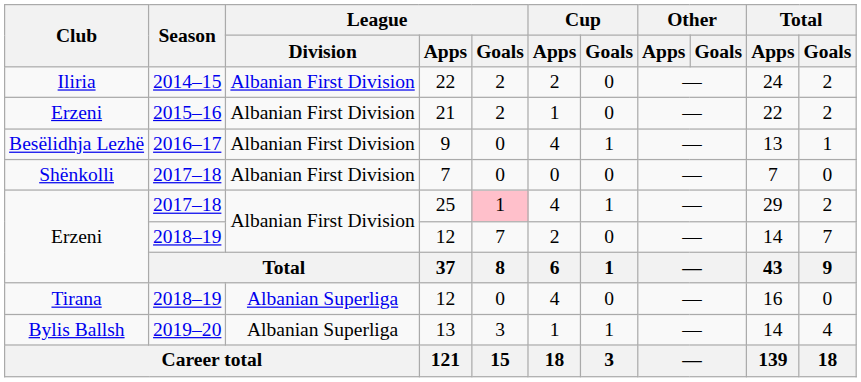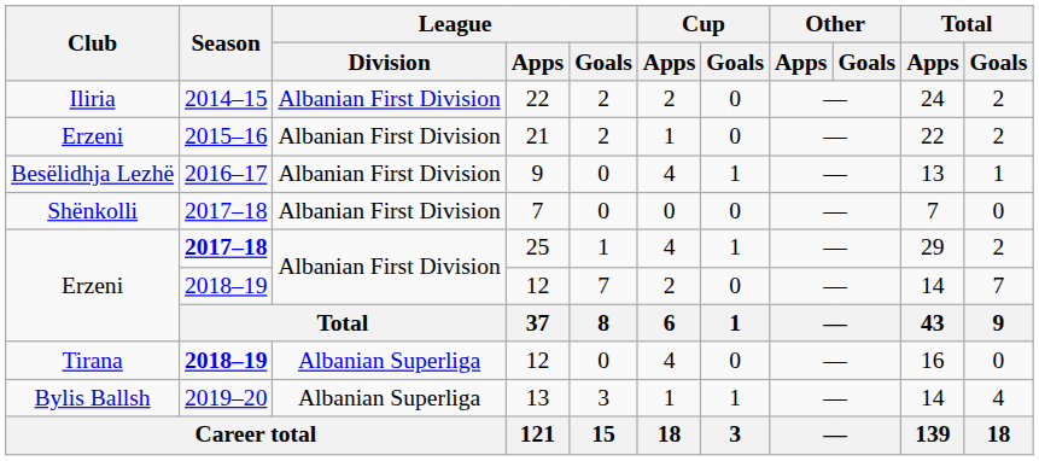 <table class="wikitable" style="text-align:center">
 <tr>
 <th rowspan="2">Club</th>
 <th rowspan="2">Season</th>
 <th colspan="3">League</th>
 <th colspan="2">Cup</th>
 <th colspan="2">Other</th>
 <th colspan="2">Total</th>
 </tr>
 <tr>
 <th>Division</th>
 <th>Apps</th>
 <th>Goals</th>
 <th>Apps</th>
 <th>Goals</th>
 <th>Apps</th>
 <th>Goals</th>
 <th>Apps</th>
 <th>Goals</th>
 </tr>
 <tr>
 <td><a href='#'>Iliria</a></td>
 <td><a href='#'>2014–15</a></td>
 <td><a href='#'>Albanian First Division</a></td>
 <td>22</td>
 <td>2</td>
 <td>2</td>
 <td>0</td>
 <td colspan="2">—</td>
 <td>24</td>
 <td>2</td>
 </tr>
 <tr>
 <td><a href='#'>Erzeni</a></td>
 <td><a href='#'>2015–16</a></td>
 <td>Albanian First Division</td>
 <td>21</td>
 <td>2</td>
 <td>1</td>
 <td>0</td>
 <td colspan="2">—</td>
 <td>22</td>
 <td>2</td>
 </tr>
 <tr>
 <td><a href='#'>Besëlidhja Lezhë</a></td>
 <td><a href='#'>2016–17</a></td>
 <td>Albanian First Division</td>
 <td>9</td>
 <td>0</td>
 <td>4</td>
 <td>1</td>
 <td colspan="2">—</td>
 <td>13</td>
 <td>1</td>
 </tr>
 <tr>
 <td><a href='#'>Shënkolli</a></td>
 <td><a href='#'>2017–18</a></td>
 <td>Albanian First Division</td>
 <td>7</td>
 <td>0</td>
 <td>0</td>
 <td>0</td>
 <td colspan="2">—</td>
 <td>7</td>
 <td>0</td>
 </tr>
 <tr>
 <td rowspan="3">Erzeni</td>
-<td><a href='#'>2017–18</a></td>
+<td><strong><a href='#'>2017–18</a></strong></td>
 <td rowspan="2">Albanian First Division</td>
 <td>25</td>
-<td style="background: pink;">1</td>
+<td>1</td>
 <td>4</td>
 <td>1</td>
 <td colspan="2">—</td>
 <td>29</td>
 <td>2</td>
 </tr>
 <tr>
 <td><a href='#'>2018–19</a></td>
 <td>12</td>
 <td>7</td>
 <td>2</td>
 <td>0</td>
 <td colspan="2">—</td>
 <td>14</td>
 <td>7</td>
 </tr>
 <tr>
 <th colspan="2">Total</th>
 <th>37</th>
 <th>8</th>
 <th>6</th>
 <th>1</th>
 <th colspan="2">—</th>
 <th>43</th>
 <th>9</th>
 </tr>
 <tr>
 <td><a href='#'>Tirana</a></td>
-<td><a href='#'>2018–19</a></td>
+<td><strong><a href='#'>2018–19</a></strong></td>
 <td><a href='#'>Albanian Superliga</a></td>
 <td>12</td>
 <td>0</td>
 <td>4</td>
 <td>0</td>
 <td colspan="2">—</td>
 <td>16</td>
 <td>0</td>
 </tr>
 <tr>
 <td><a href='#'>Bylis Ballsh</a></td>
 <td><a href='#'>2019–20</a></td>
 <td>Albanian Superliga</td>
 <td>13</td>
 <td>3</td>
 <td>1</td>
 <td>1</td>
 <td colspan="2">—</td>
 <td>14</td>
 <td>4</td>
 </tr>
 <tr>
 <th colspan="3">Career total</th>
 <th>121</th>
 <th>15</th>
 <th>18</th>
 <th>3</th>
 <th colspan="2">—</th>
 <th>139</th>
 <th>18</th>
 </tr>
 </table>
